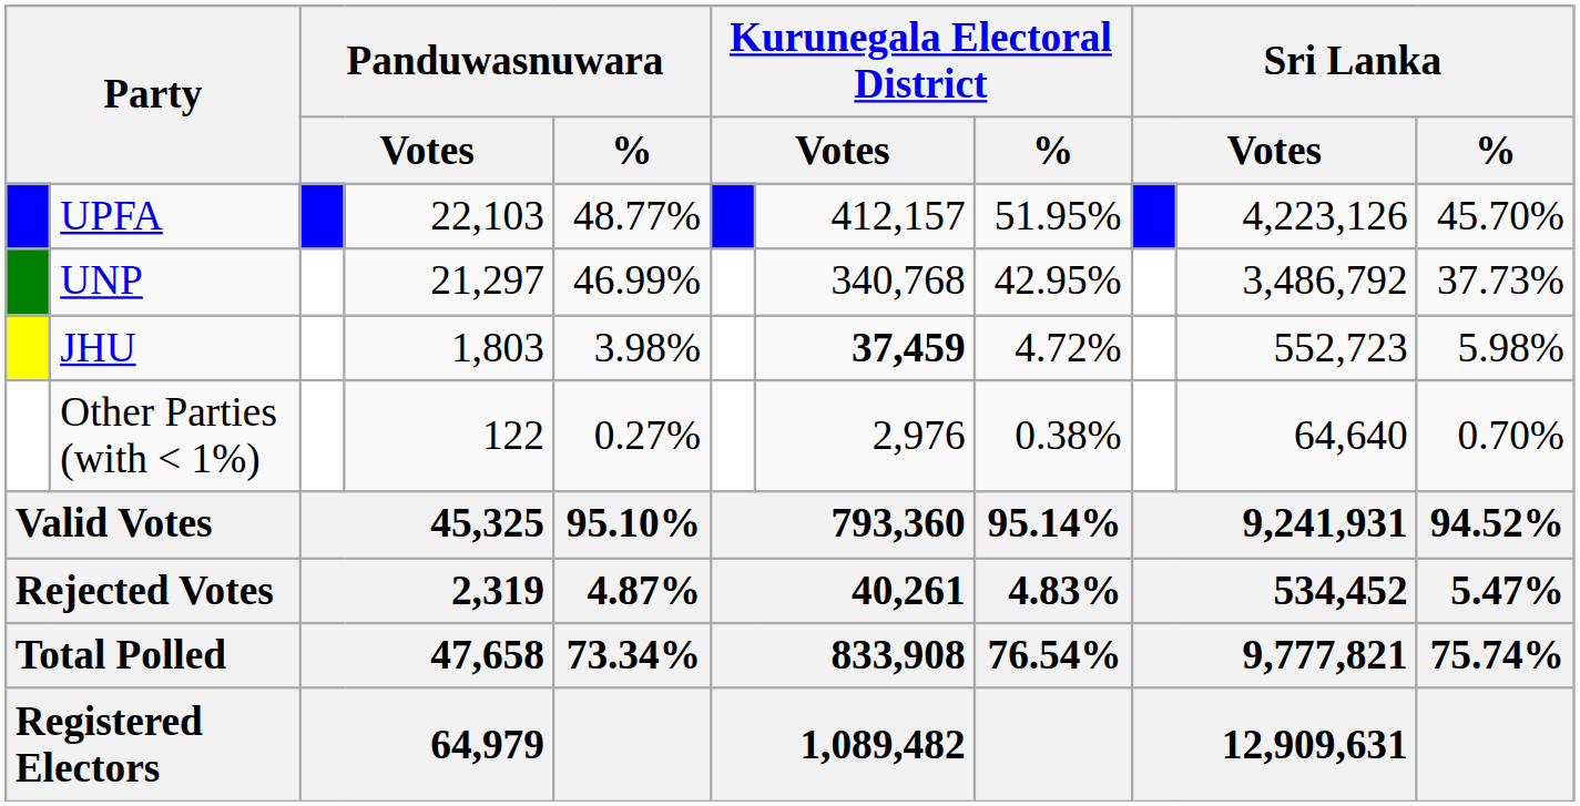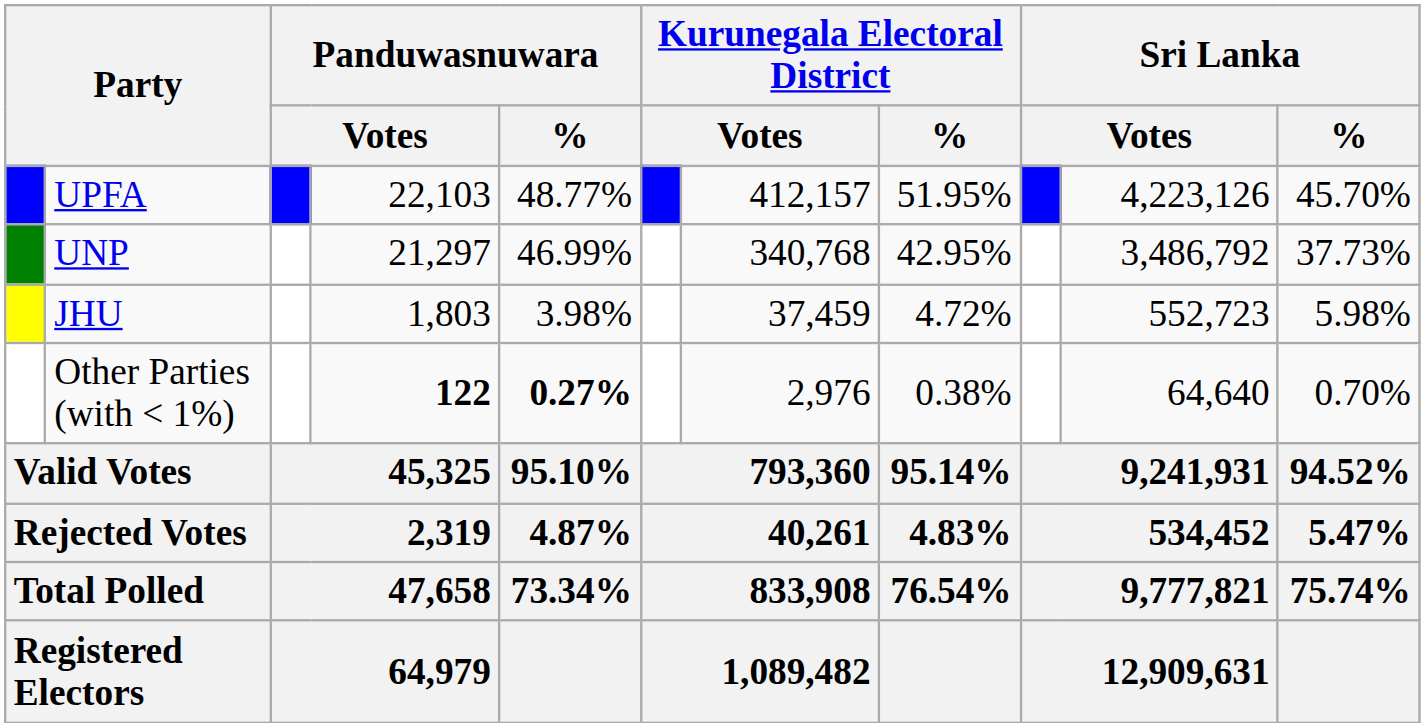 <table class="wikitable">
 <tr>
 <th colspan="2" width="144px"rowspan="2">Party</th>
 <th colspan="3" width="216px">Panduwasnuwara</th>
 <th colspan="3" width="216px"><a href='#'>Kurunegala Electoral District</a></th>
 <th colspan="3" width="216px">Sri Lanka</th>
 </tr>
 <tr>
 <th colspan="2" width="144px">Votes</th>
 <th>%</th>
 <th colspan="2" width="144px">Votes</th>
 <th>%</th>
 <th colspan="2" width="144px">Votes</th>
 <th>%</th>
 </tr>
 <tr>
 <td style="background-color:blue;" width="10px"></td>
 <td style="text-align:left;"><a href='#'>UPFA</a></td>
 <td style="background-color:blue;" width="10px"></td>
 <td style="text-align:right;">22,103</td>
 <td style="text-align:right;">48.77%</td>
 <td style="background-color:blue;" width="10px"></td>
 <td style="text-align:right;">412,157</td>
 <td style="text-align:right;">51.95%</td>
 <td style="background-color:blue;" width="10px"></td>
 <td style="text-align:right;">4,223,126</td>
 <td style="text-align:right;">45.70%</td>
 </tr>
 <tr>
 <td style="background-color:green;" width="10px"></td>
 <td style="text-align:left;"><a href='#'>UNP</a></td>
 <td style="background-color:white;" width="10px"></td>
 <td style="text-align:right;">21,297</td>
 <td style="text-align:right;">46.99%</td>
 <td style="background-color:white;" width="10px"></td>
 <td style="text-align:right;">340,768</td>
 <td style="text-align:right;">42.95%</td>
 <td style="background-color:white;" width="10px"></td>
 <td style="text-align:right;">3,486,792</td>
 <td style="text-align:right;">37.73%</td>
 </tr>
 <tr>
 <td style="background-color:yellow;" width="10px"></td>
 <td style="text-align:left;"><a href='#'>JHU</a></td>
 <td style="background-color:white;" width="10px"></td>
 <td style="text-align:right;">1,803</td>
 <td style="text-align:right;">3.98%</td>
 <td style="background-color:white;" width="10px"></td>
-<td style="text-align:right;"><strong>37,459</strong></td>
+<td style="text-align:right;">37,459</td>
 <td style="text-align:right;">4.72%</td>
 <td style="background-color:white;" width="10px"></td>
 <td style="text-align:right;">552,723</td>
 <td style="text-align:right;">5.98%</td>
 </tr>
 <tr>
 <td style="background-color:white;" width="10px"></td>
 <td style="text-align:left;">Other Parties (with < 1%)</td>
 <td style="background-color:white;" width="10px"></td>
-<td style="text-align:right;">122</td>
-<td style="text-align:right;">0.27%</td>
+<td style="text-align:right;"><strong>122</strong></td>
+<td style="text-align:right;"><strong>0.27%</strong></td>
 <td style="background-color:white;" width="10px"></td>
 <td style="text-align:right;">2,976</td>
 <td style="text-align:right;">0.38%</td>
 <td style="background-color:white;" width="10px"></td>
 <td style="text-align:right;">64,640</td>
 <td style="text-align:right;">0.70%</td>
 </tr>
 <tr>
 <th colspan="2" width="144px"style="text-align:left;">Valid Votes</th>
 <th style="text-align:right;"colspan="2" width="144px">45,325</th>
 <th style="text-align:right;">95.10%</th>
 <th style="text-align:right;"colspan="2" width="144px">793,360</th>
 <th style="text-align:right;">95.14%</th>
 <th style="text-align:right;"colspan="2" width="144px">9,241,931</th>
 <th style="text-align:right;">94.52%</th>
 </tr>
 <tr>
 <th colspan="2" width="144px"style="text-align:left;">Rejected Votes</th>
 <th style="text-align:right;"colspan="2" width="144px">2,319</th>
 <th style="text-align:right;">4.87%</th>
 <th style="text-align:right;"colspan="2" width="144px">40,261</th>
 <th style="text-align:right;">4.83%</th>
 <th style="text-align:right;"colspan="2" width="144px">534,452</th>
 <th style="text-align:right;">5.47%</th>
 </tr>
 <tr>
 <th colspan="2" width="144px"style="text-align:left;">Total Polled</th>
 <th style="text-align:right;"colspan="2" width="144px">47,658</th>
 <th style="text-align:right;">73.34%</th>
 <th style="text-align:right;"colspan="2" width="144px">833,908</th>
 <th style="text-align:right;">76.54%</th>
 <th style="text-align:right;"colspan="2" width="144px">9,777,821</th>
 <th style="text-align:right;">75.74%</th>
 </tr>
 <tr>
 <th colspan="2" width="144px"style="text-align:left;">Registered Electors</th>
 <th style="text-align:right;"colspan="2" width="144px">64,979</th>
 <th></th>
 <th style="text-align:right;"colspan="2" width="144px">1,089,482</th>
 <th></th>
 <th style="text-align:right;"colspan="2" width="144px">12,909,631</th>
 <th></th>
 </tr>
 </table>
